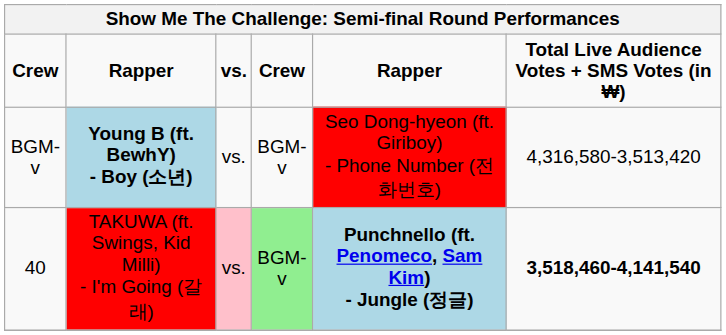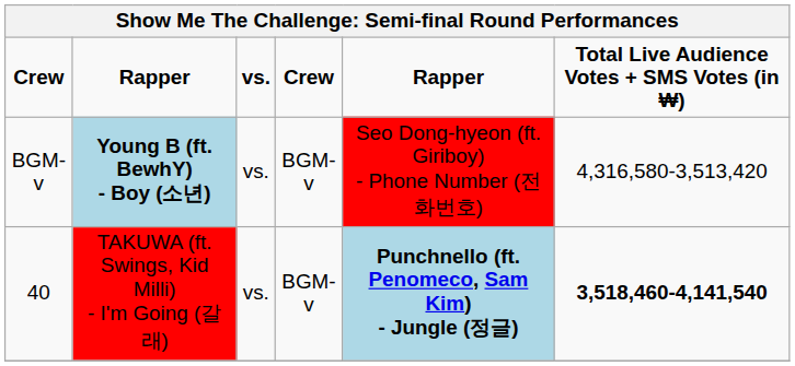 <table class="wikitable" border="2" style="text-align:center">
 <tr>
 <th colspan="6">Show Me The Challenge: Semi-final Round Performances</th>
 </tr>
 <tr>
 <td><strong>Crew</strong></td>
 <td><strong>Rapper</strong></td>
 <td><strong>vs.</strong></td>
 <td><strong>Crew</strong></td>
 <td><strong>Rapper</strong></td>
 <td><strong>Total Live Audience Votes + SMS Votes (in ₩)</strong></td>
 </tr>
 <tr>
 <td>BGM-v</td>
 <td style="background:lightblue"><strong>Young B (ft. BewhY)<br>- Boy (소년)</strong></td>
 <td>vs.</td>
 <td>BGM-v</td>
 <td style="background:red">Seo Dong-hyeon (ft. Giriboy)<br>- Phone Number (전화번호)</td>
 <td>4,316,580-3,513,420</td>
 </tr>
 <tr>
 <td>40</td>
 <td style="background:red">TAKUWA (ft. Swings, Kid Milli)<br>- I'm Going (갈래)</td>
-<td style="background: pink;">vs.</td>
-<td style="background: lightgreen;">BGM-v</td>
+<td>vs.</td>
+<td>BGM-v</td>
 <td style="background:lightblue"><strong>Punchnello (ft. <a href='#'>Penomeco</a>, <a href='#'>Sam Kim</a>)<br>- Jungle (정글)</strong></td>
 <td><strong>3,518,460-4,141,540</strong></td>
 </tr>
 <tr>
 </tr>
 </table>
